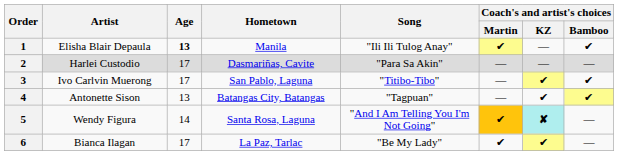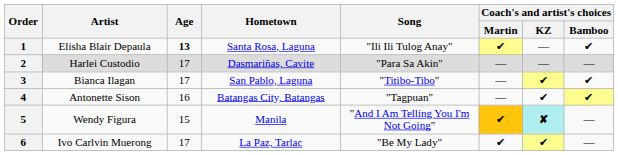 <table class="wikitable" style="text-align:center; line-height:17px; width:100%">
 <tr>
 <th scope="col" rowspan="2" style="width:04%">Order</th>
 <th scope="col" rowspan="2" style="width:18%">Artist</th>
 <th scope="col" rowspan="2" style="width:05%">Age</th>
 <th scope="col" rowspan="2" style="width:20%">Hometown</th>
 <th scope="col" rowspan="2" style="width:20%">Song</th>
 <th scope="col" colspan="3" style="width:24%">Coach's and artist's choices</th>
 </tr>
 <tr>
 <th style="width:06%">Martin</th>
 <th style="width:06%">KZ</th>
 <th style="width:06%">Bamboo</th>
 </tr>
 <tr>
 <th>1</th>
 <td>Elisha Blair Depaula</td>
 <td><strong>13</strong></td>
-<td><a href='#'>Manila</a></td>
+<td><a href='#'>Santa Rosa, Laguna</a></td>
 <td>"Ili Ili Tulog Anay"</td>
 <td style="background:#fdfc8f;">✔</td>
 <td>—</td>
 <td>✔</td>
 </tr>
 <tr style="background:#DCDCDC; |">
 <th>2</th>
 <td>Harlei Custodio</td>
 <td>17</td>
 <td><a href='#'>Dasmariñas, Cavite</a></td>
 <td>"Para Sa Akin"</td>
 <td>—</td>
 <td>—</td>
 <td>—</td>
 </tr>
 <tr>
 <th>3</th>
-<td>Ivo Carlvin Muerong</td>
+<td>Bianca Ilagan</td>
 <td>17</td>
 <td><a href='#'>San Pablo, Laguna</a></td>
 <td>"<a href='#'>Titibo-Tibo</a>"</td>
 <td>—</td>
 <td style="background:#fdfc8f;">✔</td>
 <td>✔</td>
 </tr>
 <tr>
 <th>4</th>
 <td>Antonette Sison</td>
-<td>13</td>
+<td>16</td>
 <td><a href='#'>Batangas City, Batangas</a></td>
 <td>"Tagpuan"</td>
 <td>—</td>
 <td>✔</td>
 <td style="background:#fdfc8f;">✔</td>
 </tr>
 <tr>
 <th>5</th>
 <td>Wendy Figura</td>
-<td>14</td>
-<td><a href='#'>Santa Rosa, Laguna</a></td>
+<td>15</td>
+<td><a href='#'>Manila</a></td>
 <td>"<a href='#'>And I Am Telling You I'm Not Going</a>"</td>
 <td style="background:#FFC40C;">✔</td>
 <td style="background:#afeeee;"><strong>✘</strong></td>
 <td>—</td>
 </tr>
 <tr>
 <th>6</th>
-<td>Bianca Ilagan</td>
+<td>Ivo Carlvin Muerong</td>
 <td>17</td>
 <td><a href='#'>La Paz, Tarlac</a></td>
 <td>"Be My Lady"</td>
 <td>✔</td>
 <td style="background:#fdfc8f;">✔</td>
 <td>—</td>
 </tr>
 </table>
